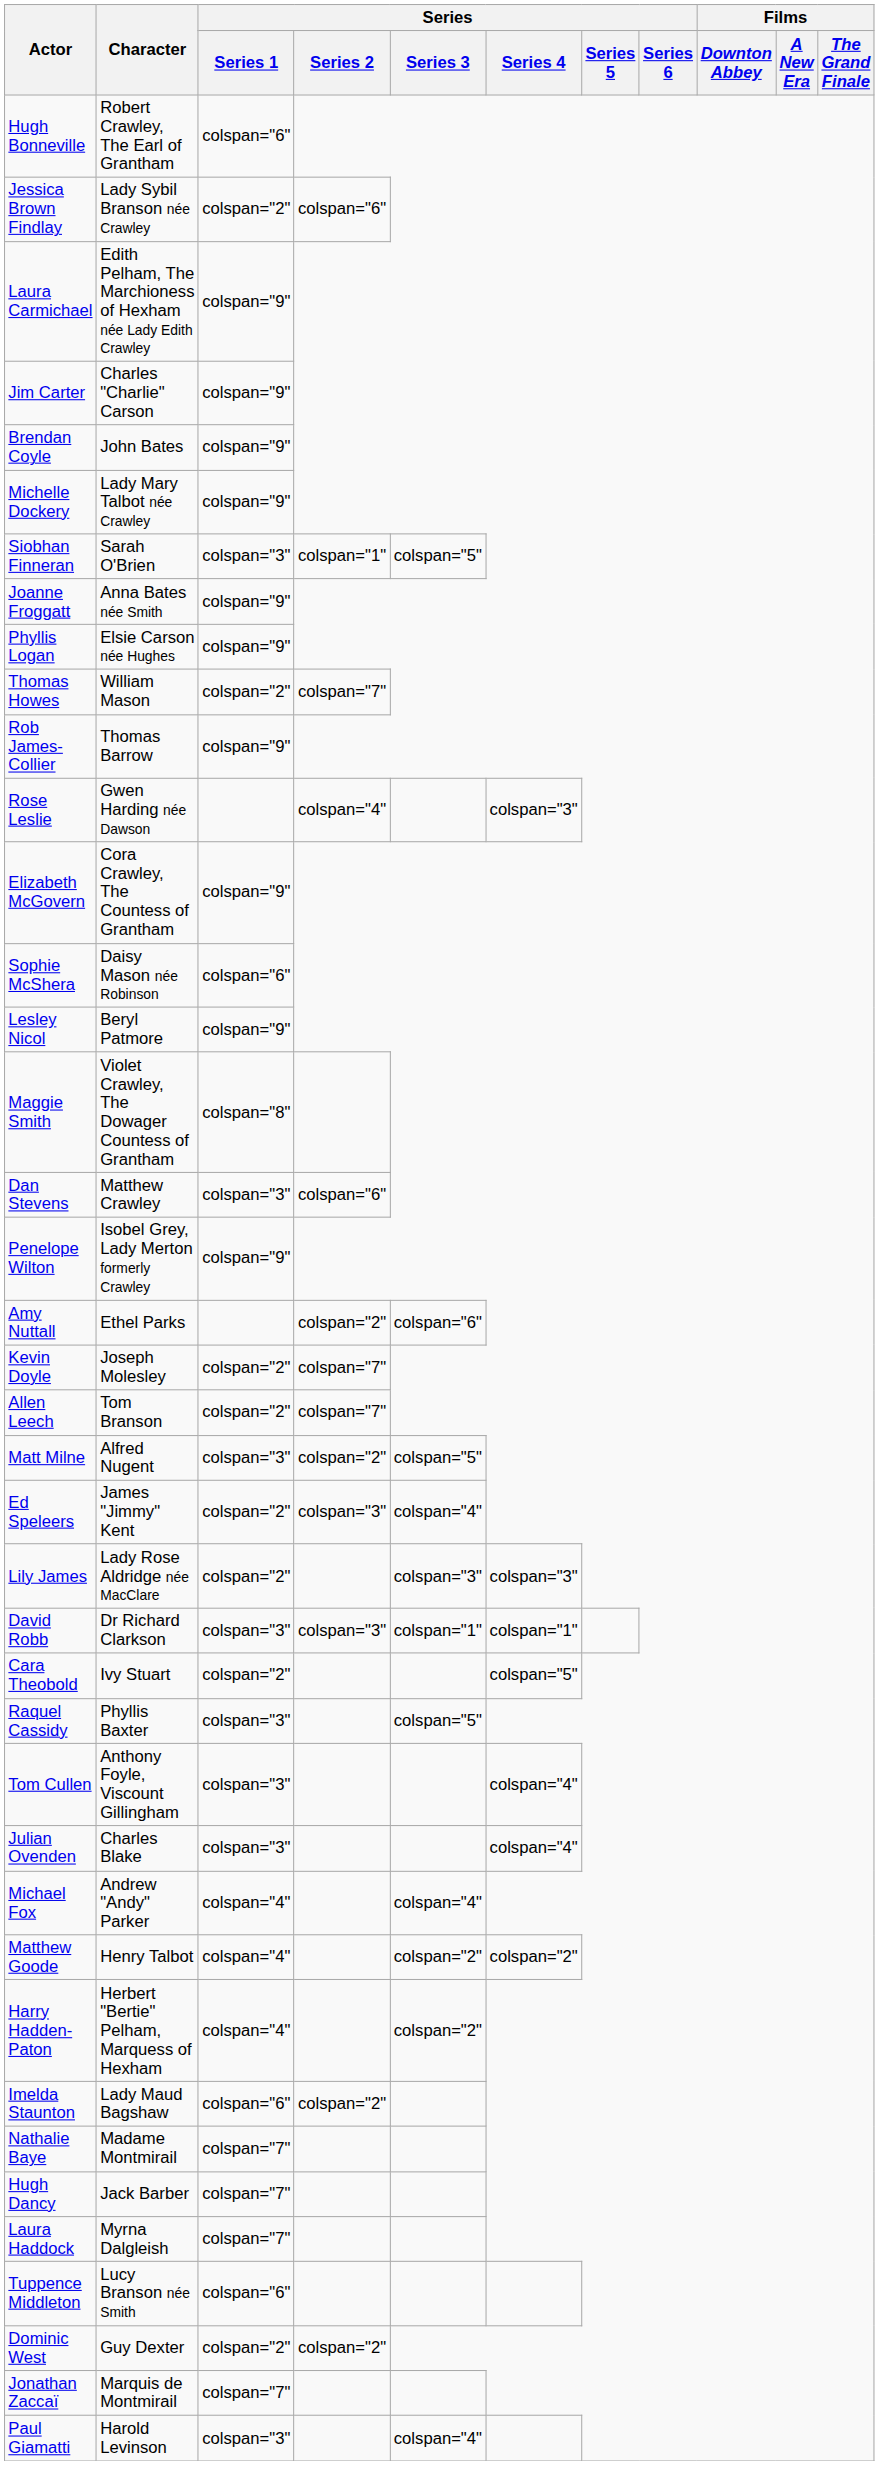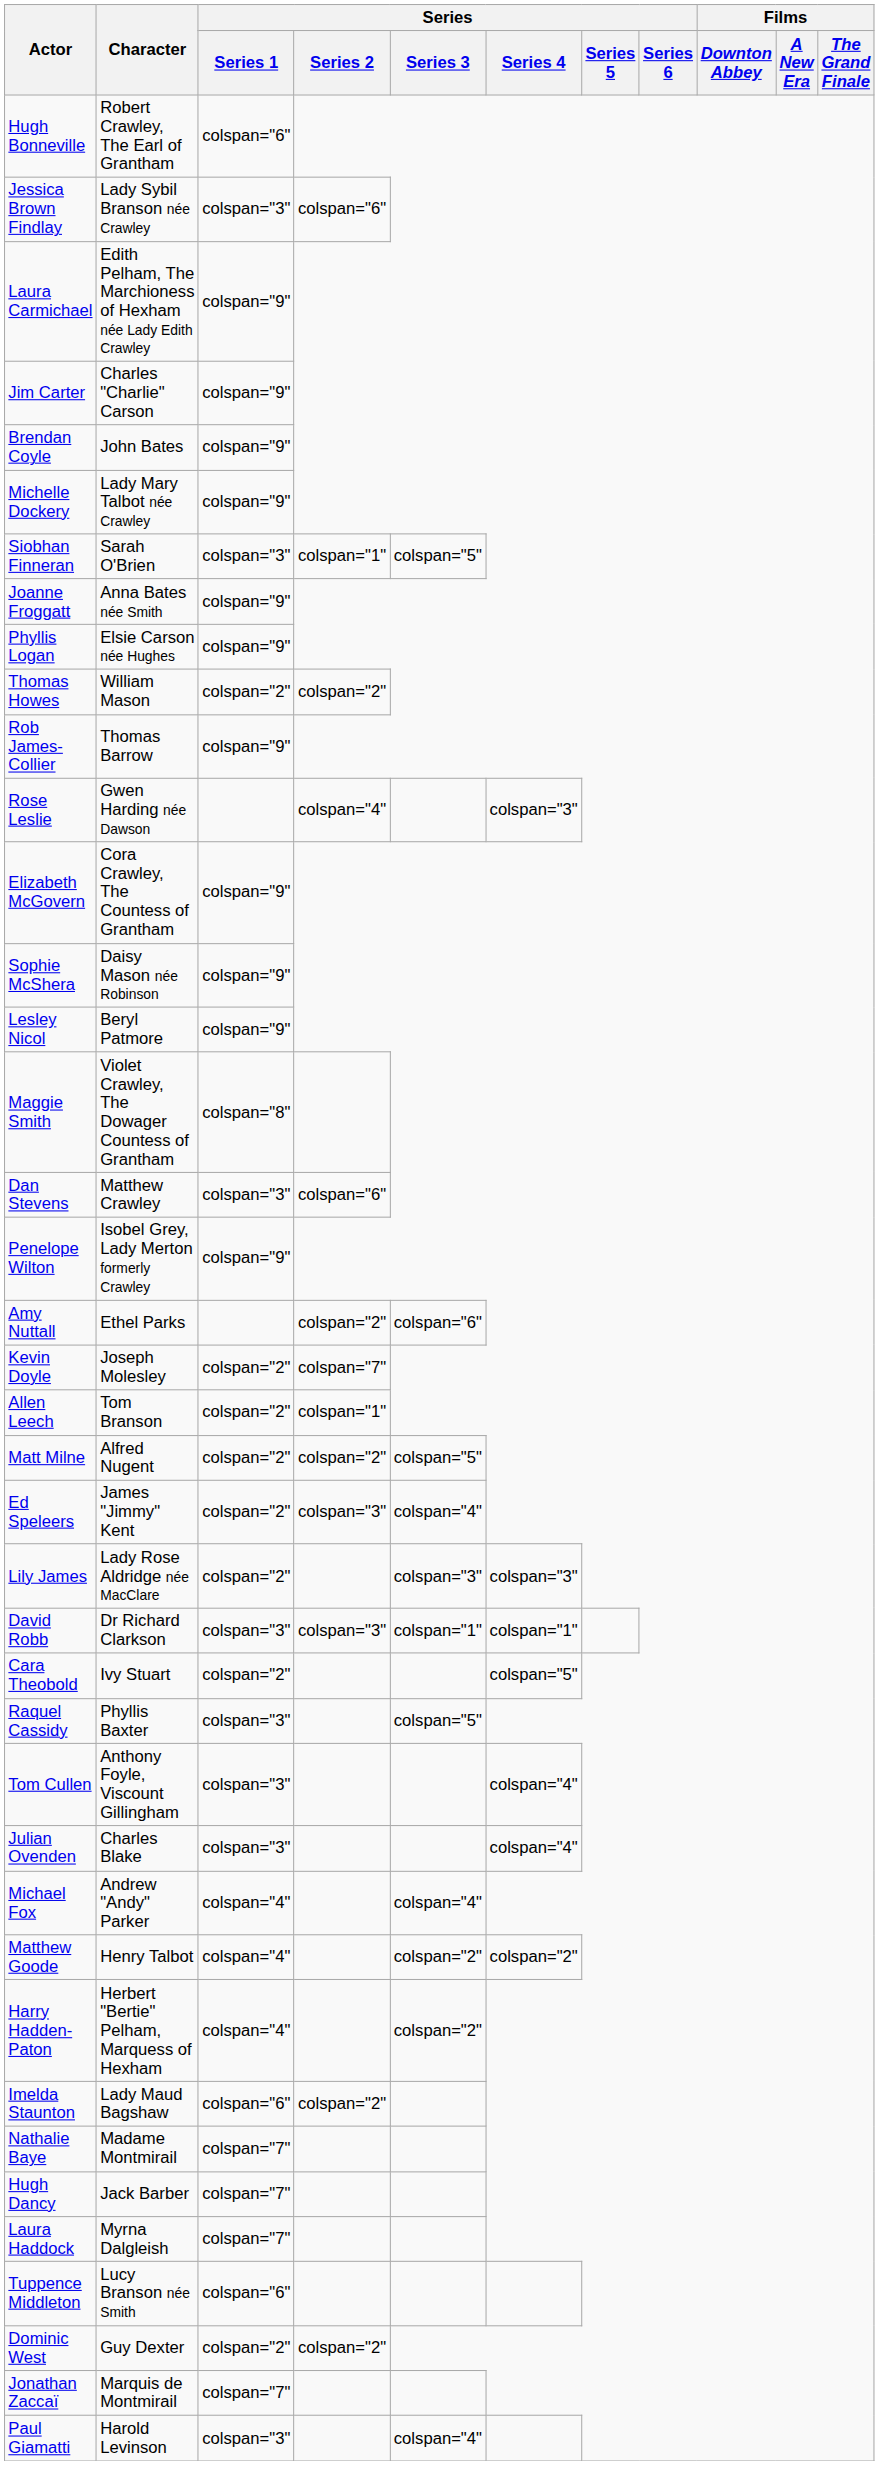 <table class="wikitable" style="width:100%;">
 <tr>
 <th style="width:15%;" rowspan="2">Actor</th>
 <th style="width:25%;" rowspan="2">Character</th>
 <th style="width:36%;" colspan="6">Series</th>
 <th style="width:16%;" colspan="3">Films</th>
 </tr>
 <tr>
 <th style="width:6%;"><a href='#'>Series 1</a></th>
 <th style="width:6%;"><a href='#'>Series 2</a></th>
 <th style="width:6%;"><a href='#'>Series 3</a></th>
 <th style="width:6%;"><a href='#'>Series 4</a></th>
 <th style="width:6%;"><a href='#'>Series 5</a></th>
 <th style="width:6%;"><a href='#'>Series 6</a></th>
 <th style="width:8%;"><em><a href='#'>Downton Abbey</a></em></th>
 <th style="width:8%;"><em><a href='#'>A New Era</a></em></th>
 <th style="width:8%;"><em><a href='#'>The Grand Finale</a></em></th>
 </tr>
 <tr>
 <td><a href='#'>Hugh Bonneville</a></td>
 <td>Robert Crawley, The Earl of Grantham</td>
 <td>colspan="6" </td>
 </tr>
 <tr>
 <td><a href='#'>Jessica Brown Findlay</a></td>
 <td>Lady Sybil Branson <small>née Crawley</small></td>
-<td>colspan="2" </td>
+<td>colspan="3" </td>
 <td>colspan="6" </td>
 </tr>
 <tr>
 <td><a href='#'>Laura Carmichael</a></td>
 <td>Edith Pelham, The Marchioness of Hexham <small>née Lady Edith Crawley</small></td>
 <td>colspan="9" </td>
 </tr>
 <tr>
 <td><a href='#'>Jim Carter</a></td>
 <td>Charles "Charlie" Carson</td>
 <td>colspan="9" </td>
 </tr>
 <tr>
 <td><a href='#'>Brendan Coyle</a></td>
 <td>John Bates</td>
 <td>colspan="9" </td>
 </tr>
 <tr>
 <td><a href='#'>Michelle Dockery</a></td>
 <td>Lady Mary Talbot <small>née Crawley</small></td>
 <td>colspan="9" </td>
 </tr>
 <tr>
 <td><a href='#'>Siobhan Finneran</a></td>
 <td>Sarah O'Brien</td>
 <td>colspan="3" </td>
 <td>colspan="1" </td>
 <td>colspan="5" </td>
 </tr>
 <tr>
 <td><a href='#'>Joanne Froggatt</a></td>
 <td>Anna Bates <small>née Smith</small></td>
 <td>colspan="9" </td>
 </tr>
 <tr>
 <td><a href='#'>Phyllis Logan</a></td>
 <td>Elsie Carson <small>née Hughes</small></td>
 <td>colspan="9" </td>
 </tr>
 <tr>
 <td><a href='#'>Thomas Howes</a></td>
 <td>William Mason</td>
 <td>colspan="2" </td>
-<td>colspan="7" </td>
+<td>colspan="2" </td>
 </tr>
 <tr>
 <td><a href='#'>Rob James-Collier</a></td>
 <td>Thomas Barrow</td>
 <td>colspan="9" </td>
 </tr>
 <tr>
 <td><a href='#'>Rose Leslie</a></td>
 <td>Gwen Harding <small>née Dawson</small></td>
 <td></td>
 <td>colspan="4" </td>
 <td></td>
 <td>colspan="3" </td>
 </tr>
 <tr>
 <td><a href='#'>Elizabeth McGovern</a></td>
 <td>Cora Crawley, The Countess of Grantham</td>
 <td>colspan="9" </td>
 </tr>
 <tr>
 <td><a href='#'>Sophie McShera</a></td>
 <td>Daisy Mason <small>née Robinson</small></td>
-<td>colspan="6" </td>
+<td>colspan="9" </td>
 </tr>
 <tr>
 <td><a href='#'>Lesley Nicol</a></td>
 <td>Beryl Patmore</td>
 <td>colspan="9" </td>
 </tr>
 <tr>
 <td><a href='#'>Maggie Smith</a></td>
 <td>Violet Crawley, The Dowager Countess of Grantham</td>
 <td>colspan="8" </td>
 <td></td>
 </tr>
 <tr>
 <td><a href='#'>Dan Stevens</a></td>
 <td>Matthew Crawley</td>
 <td>colspan="3" </td>
 <td>colspan="6" </td>
 </tr>
 <tr>
 <td><a href='#'>Penelope Wilton</a></td>
 <td>Isobel Grey, Lady Merton <small>formerly Crawley</small></td>
 <td>colspan="9" </td>
 </tr>
 <tr>
 <td><a href='#'>Amy Nuttall</a></td>
 <td>Ethel Parks</td>
 <td></td>
 <td>colspan="2" </td>
 <td>colspan="6" </td>
 </tr>
 <tr>
 <td><a href='#'>Kevin Doyle</a></td>
 <td>Joseph Molesley</td>
 <td>colspan="2" </td>
 <td>colspan="7" </td>
 </tr>
 <tr>
 <td><a href='#'>Allen Leech</a></td>
 <td>Tom Branson</td>
 <td>colspan="2" </td>
-<td>colspan="7" </td>
+<td>colspan="1" </td>
 </tr>
 <tr>
 <td><a href='#'>Matt Milne</a></td>
 <td>Alfred Nugent</td>
-<td>colspan="3" </td>
+<td>colspan="2" </td>
 <td>colspan="2" </td>
 <td>colspan="5" </td>
 </tr>
 <tr>
 <td><a href='#'>Ed Speleers</a></td>
 <td>James "Jimmy" Kent</td>
 <td>colspan="2" </td>
 <td>colspan="3" </td>
 <td>colspan="4" </td>
 </tr>
 <tr>
 <td><a href='#'>Lily James</a></td>
 <td>Lady Rose Aldridge <small>née MacClare</small></td>
 <td>colspan="2" </td>
 <td></td>
 <td>colspan="3" </td>
 <td>colspan="3" </td>
 </tr>
 <tr>
 <td><a href='#'>David Robb</a></td>
 <td>Dr Richard Clarkson</td>
 <td>colspan="3" </td>
 <td>colspan="3" </td>
 <td>colspan="1" </td>
 <td>colspan="1" </td>
 <td></td>
 </tr>
 <tr>
 <td><a href='#'>Cara Theobold</a></td>
 <td>Ivy Stuart</td>
 <td>colspan="2" </td>
 <td></td>
 <td></td>
 <td>colspan="5" </td>
 </tr>
 <tr>
 <td><a href='#'>Raquel Cassidy</a></td>
 <td>Phyllis Baxter</td>
 <td>colspan="3" </td>
 <td></td>
 <td>colspan="5" </td>
 </tr>
 <tr>
 <td><a href='#'>Tom Cullen</a></td>
 <td>Anthony Foyle, Viscount Gillingham</td>
 <td>colspan="3" </td>
 <td></td>
 <td></td>
 <td>colspan="4" </td>
 </tr>
 <tr>
 <td><a href='#'>Julian Ovenden</a></td>
 <td>Charles Blake</td>
 <td>colspan="3" </td>
 <td></td>
 <td></td>
 <td>colspan="4" </td>
 </tr>
 <tr>
 <td><a href='#'>Michael Fox</a></td>
 <td>Andrew "Andy" Parker</td>
 <td>colspan="4" </td>
 <td></td>
 <td>colspan="4"</td>
 </tr>
 <tr>
 <td><a href='#'>Matthew Goode</a></td>
 <td>Henry Talbot</td>
 <td>colspan="4" </td>
 <td></td>
 <td>colspan="2" </td>
 <td>colspan="2" </td>
 </tr>
 <tr>
 <td><a href='#'>Harry Hadden-Paton</a></td>
 <td>Herbert "Bertie" Pelham, Marquess of Hexham</td>
 <td>colspan="4" </td>
 <td></td>
 <td>colspan="2" </td>
 </tr>
 <tr>
 <td><a href='#'>Imelda Staunton</a></td>
 <td>Lady Maud Bagshaw</td>
 <td>colspan="6" </td>
 <td>colspan="2" </td>
 <td></td>
 </tr>
 <tr>
 <td><a href='#'>Nathalie Baye</a></td>
 <td>Madame Montmirail</td>
 <td>colspan="7" </td>
 <td></td>
 <td></td>
 </tr>
 <tr>
 <td><a href='#'>Hugh Dancy</a></td>
 <td>Jack Barber</td>
 <td>colspan="7" </td>
 <td></td>
 <td></td>
 </tr>
 <tr>
 <td><a href='#'>Laura Haddock</a></td>
 <td>Myrna Dalgleish</td>
 <td>colspan="7" </td>
 <td></td>
 <td></td>
 </tr>
 <tr>
 <td><a href='#'>Tuppence Middleton</a></td>
 <td>Lucy Branson <small>née Smith</small></td>
 <td>colspan="6" </td>
 <td></td>
 <td></td>
 <td></td>
 </tr>
 <tr>
 <td><a href='#'>Dominic West</a></td>
 <td>Guy Dexter</td>
 <td>colspan="2" </td>
 <td>colspan="2" </td>
 </tr>
 <tr>
 <td><a href='#'>Jonathan Zaccaï</a></td>
 <td>Marquis de Montmirail</td>
 <td>colspan="7" </td>
 <td></td>
 <td></td>
 </tr>
 <tr>
 <td><a href='#'>Paul Giamatti</a></td>
 <td>Harold Levinson</td>
 <td>colspan="3" </td>
 <td></td>
 <td>colspan="4" </td>
 <td></td>
 </tr>
 </table>
